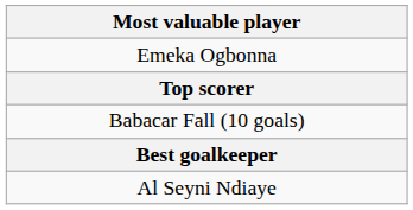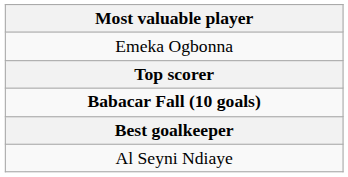 <table class="wikitable" style="margin: 1em auto 1em auto;">
 <tr>
 <th width=300>Most valuable player</th>
 </tr>
 <tr>
 <td style="text-align:center;"> Emeka Ogbonna</td>
 </tr>
 <tr>
 <th>Top scorer</th>
 </tr>
 <tr>
-<td style="text-align:center;"> Babacar Fall (10 goals)</td>
+<td style="text-align:center;"><strong> Babacar Fall (10 goals)</strong></td>
 </tr>
 <tr>
 <th>Best goalkeeper</th>
 </tr>
 <tr>
 <td style="text-align:center;"> Al Seyni Ndiaye</td>
 </tr>
 </table>
